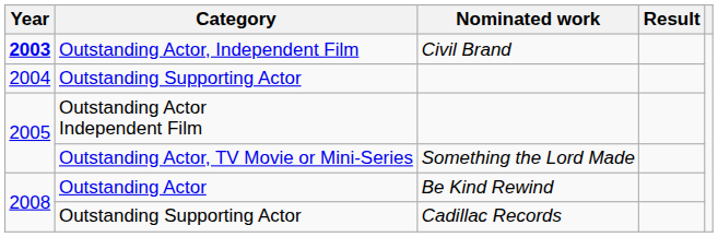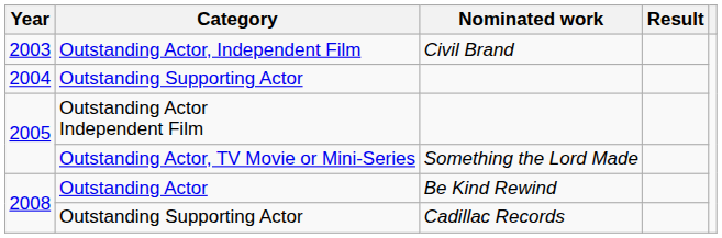 <table class="wikitable sortable">
 <tr>
 <th>Year</th>
 <th>Category</th>
 <th>Nominated work</th>
 <th>Result</th>
 <th scope="col" class="unsortable"></th>
 </tr>
 <tr>
-<td><strong><a href='#'>2003</a></strong></td>
+<td><a href='#'>2003</a></td>
 <td><a href='#'>Outstanding Actor, Independent Film</a></td>
 <td><em>Civil Brand</em></td>
 <td></td>
 <td style="text-align: center;" rowspan="6"></td>
 </tr>
 <tr>
 <td><a href='#'>2004</a></td>
 <td><a href='#'>Outstanding Supporting Actor</a></td>
 <td><em></em></td>
 <td></td>
 </tr>
 <tr>
 <td rowspan="2"><a href='#'>2005</a></td>
 <td>Outstanding Actor<br>Independent Film</td>
 <td><em></em></td>
 <td></td>
 </tr>
 <tr>
 <td><a href='#'>Outstanding Actor, TV Movie or Mini-Series</a></td>
 <td><em>Something the Lord Made</em></td>
 <td></td>
 </tr>
 <tr>
 <td rowspan="2"><a href='#'>2008</a></td>
 <td><a href='#'>Outstanding Actor</a></td>
 <td><em>Be Kind Rewind</em></td>
 <td></td>
 </tr>
 <tr>
 <td>Outstanding Supporting Actor</td>
 <td><em>Cadillac Records</em></td>
 <td></td>
 </tr>
 </table>
